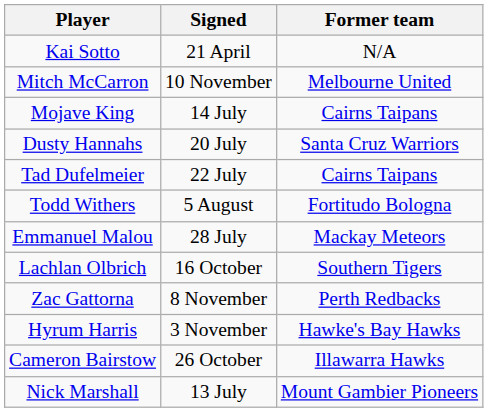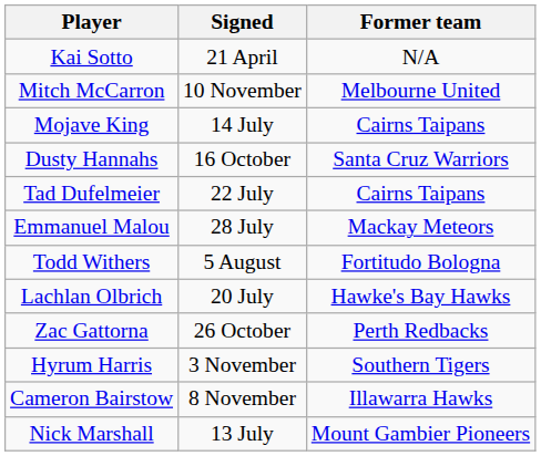 <table class="wikitable sortable sortable" style="text-align: center">
 <tr>
 <th>Player</th>
 <th>Signed</th>
 <th>Former team</th>
 </tr>
 <tr>
 <td><a href='#'>Kai Sotto</a></td>
 <td>21 April</td>
 <td>N/A</td>
 </tr>
 <tr>
 <td><a href='#'>Mitch McCarron</a></td>
 <td>10 November</td>
 <td><a href='#'>Melbourne United</a></td>
 </tr>
 <tr>
 <td><a href='#'>Mojave King</a></td>
 <td>14 July</td>
 <td><a href='#'>Cairns Taipans</a></td>
 </tr>
 <tr>
 <td><a href='#'>Dusty Hannahs</a></td>
-<td>20 July</td>
+<td>16 October</td>
 <td><a href='#'>Santa Cruz Warriors</a></td>
 </tr>
 <tr>
 <td><a href='#'>Tad Dufelmeier</a></td>
 <td>22 July</td>
 <td><a href='#'>Cairns Taipans</a></td>
 </tr>
 <tr>
+<td><a href='#'>Emmanuel Malou</a></td>
+<td>28 July</td>
+<td><a href='#'>Mackay Meteors</a></td>
+</tr>
+<tr>
 <td><a href='#'>Todd Withers</a></td>
 <td>5 August</td>
 <td><a href='#'>Fortitudo Bologna</a></td>
 </tr>
 <tr>
-<td><a href='#'>Emmanuel Malou</a></td>
-<td>28 July</td>
-<td><a href='#'>Mackay Meteors</a></td>
-</tr>
-<tr>
 <td><a href='#'>Lachlan Olbrich</a></td>
-<td>16 October</td>
-<td><a href='#'>Southern Tigers</a></td>
+<td>20 July</td>
+<td><a href='#'>Hawke's Bay Hawks</a></td>
 </tr>
 <tr>
 <td><a href='#'>Zac Gattorna</a></td>
-<td>8 November</td>
+<td>26 October</td>
 <td><a href='#'>Perth Redbacks</a></td>
 </tr>
 <tr>
 <td><a href='#'>Hyrum Harris</a></td>
 <td>3 November</td>
-<td><a href='#'>Hawke's Bay Hawks</a></td>
+<td><a href='#'>Southern Tigers</a></td>
 </tr>
 <tr>
 <td><a href='#'>Cameron Bairstow</a></td>
-<td>26 October</td>
+<td>8 November</td>
 <td><a href='#'>Illawarra Hawks</a></td>
 </tr>
 <tr>
 <td><a href='#'>Nick Marshall</a></td>
 <td>13 July</td>
 <td><a href='#'>Mount Gambier Pioneers</a></td>
 </tr>
 </table>
